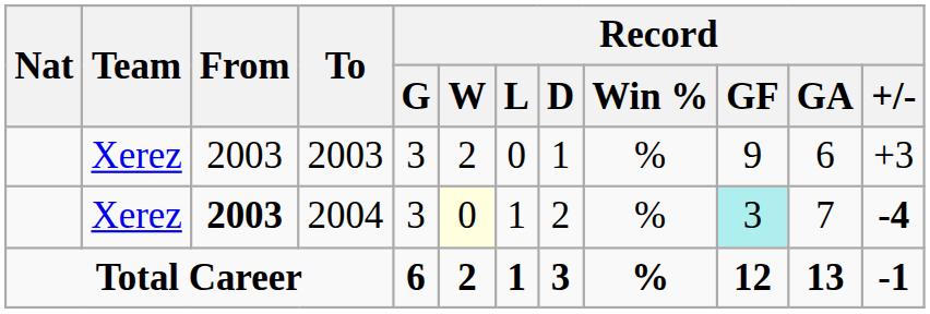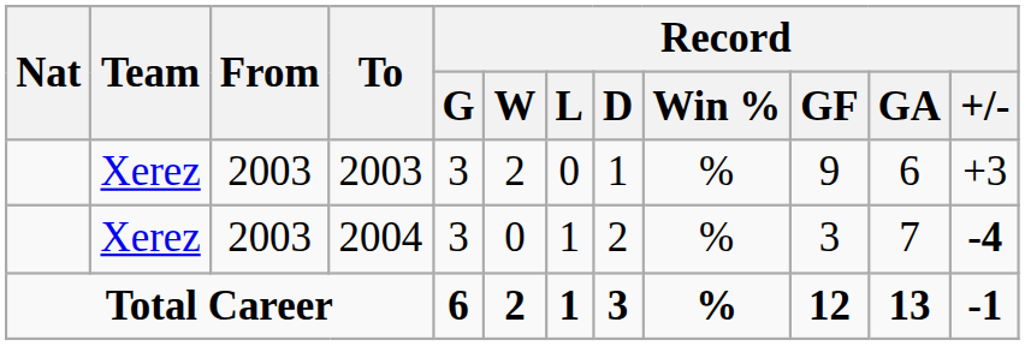 <table class="wikitable" style="text-align: center">
 <tr>
 <th rowspan="2">Nat</th>
 <th rowspan="2">Team</th>
 <th rowspan="2">From</th>
 <th rowspan="2">To</th>
 <th colspan="8">Record</th>
 </tr>
 <tr>
 <th>G</th>
 <th>W</th>
 <th>L</th>
 <th>D</th>
 <th>Win %</th>
 <th>GF</th>
 <th>GA</th>
 <th>+/-</th>
 </tr>
 <tr>
 <td></td>
 <td><a href='#'>Xerez</a></td>
 <td>2003</td>
 <td>2003</td>
 <td>3</td>
 <td>2</td>
 <td>0</td>
 <td>1</td>
 <td>%</td>
 <td>9</td>
 <td>6</td>
 <td>+3</td>
 </tr>
 <tr>
 <td></td>
 <td><a href='#'>Xerez</a></td>
-<td><strong>2003</strong></td>
+<td>2003</td>
 <td>2004</td>
 <td>3</td>
-<td style="background: lightyellow;">0</td>
+<td>0</td>
 <td>1</td>
 <td>2</td>
 <td>%</td>
-<td style="background: paleturquoise;">3</td>
+<td>3</td>
 <td>7</td>
 <td><strong>-4</strong></td>
 </tr>
 <tr>
 <td colspan="4"><strong> Total Career</strong></td>
 <td><strong>6</strong></td>
 <td><strong>2</strong></td>
 <td><strong>1</strong></td>
 <td><strong>3</strong></td>
 <td><strong>%</strong></td>
 <td><strong>12</strong></td>
 <td><strong>13</strong></td>
 <td><strong>-1</strong></td>
 </tr>
 </table>
